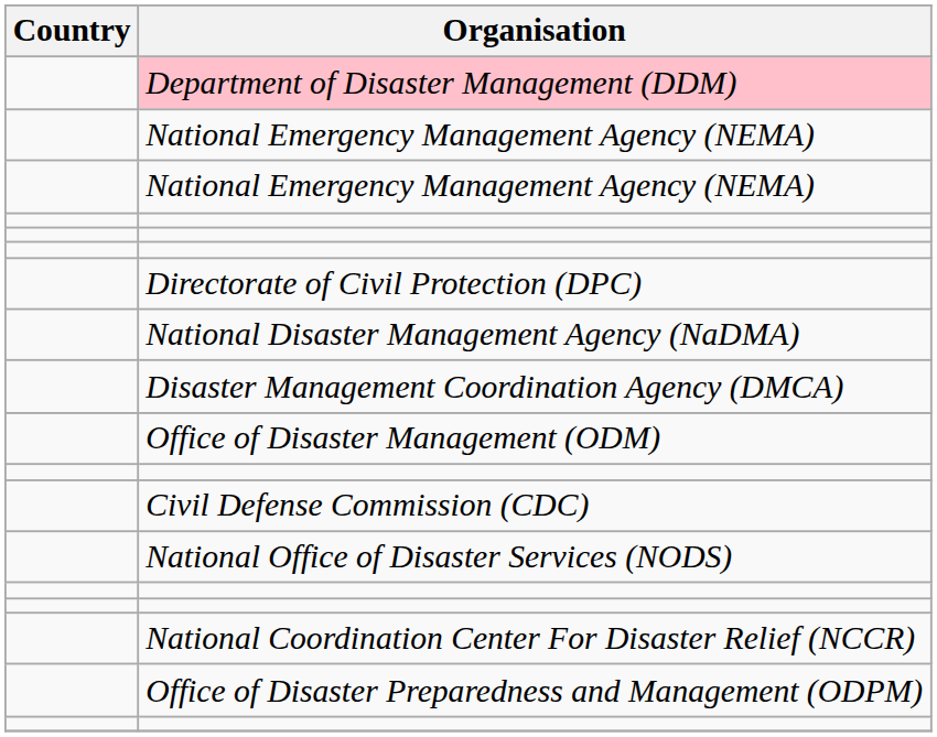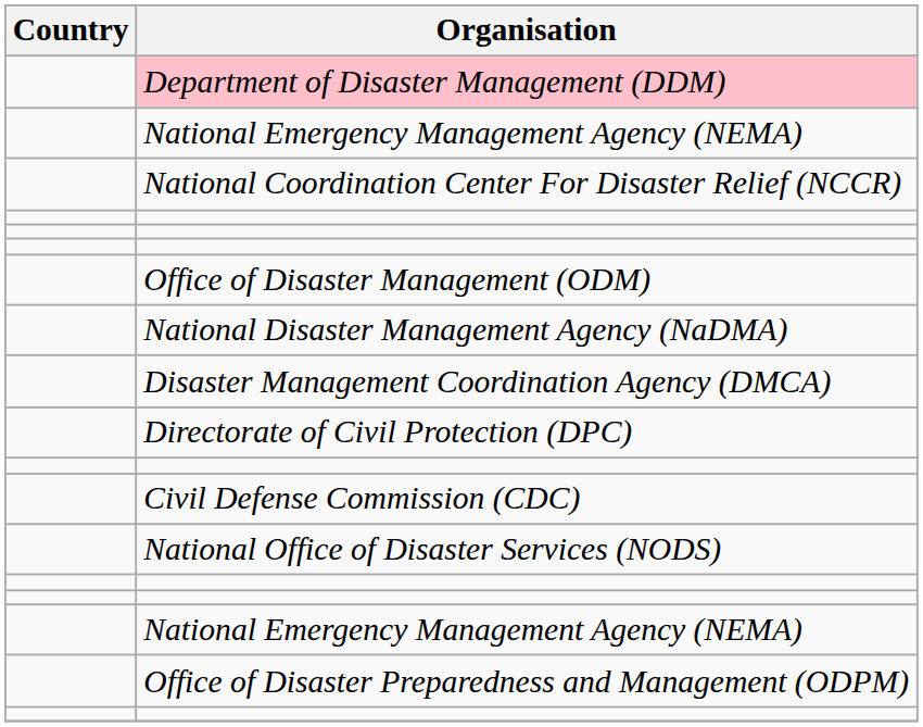 <table class="wikitable">
 <tr>
 <th>Country</th>
 <th>Organisation</th>
 </tr>
 <tr>
 <td></td>
 <td style="background: pink;"><em>Department of Disaster Management (DDM)</em></td>
 </tr>
 <tr>
 <td></td>
 <td><em>National Emergency Management Agency (NEMA)</em></td>
 </tr>
 <tr>
 <td></td>
-<td><em>National Emergency Management Agency (NEMA)</em></td>
+<td><em>National Coordination Center For Disaster Relief (NCCR)</em></td>
 </tr>
 <tr>
 <td></td>
 <td><em></em></td>
 </tr>
 <tr>
 <td></td>
 <td></td>
 </tr>
 <tr>
 <td></td>
 <td><em></em></td>
 </tr>
 <tr>
 <td></td>
-<td><em>Directorate of Civil Protection (DPC)</em></td>
+<td><em>Office of Disaster Management (ODM)</em></td>
 </tr>
 <tr>
 <td></td>
 <td><em>National Disaster Management Agency (NaDMA)</em></td>
 </tr>
 <tr>
 <td></td>
 <td><em>Disaster Management Coordination Agency (DMCA)</em></td>
 </tr>
 <tr>
 <td></td>
-<td><em>Office of Disaster Management (ODM)</em></td>
+<td><em>Directorate of Civil Protection (DPC)</em></td>
 </tr>
 <tr>
 <td></td>
 <td></td>
 </tr>
 <tr>
 <td></td>
 <td><em>Civil Defense Commission (CDC)</em></td>
 </tr>
 <tr>
 <td></td>
 <td><em>National Office of Disaster Services (NODS)</em></td>
 </tr>
 <tr>
 <td></td>
 <td><em></em></td>
 </tr>
 <tr>
 <td></td>
 <td><em></em></td>
 </tr>
 <tr>
 <td></td>
-<td><em>National Coordination Center For Disaster Relief (NCCR)</em></td>
+<td><em>National Emergency Management Agency (NEMA)</em></td>
 </tr>
 <tr>
 <td></td>
 <td><em>Office of Disaster Preparedness and Management (ODPM)</em></td>
 </tr>
 <tr>
 <td></td>
 <td><em></em></td>
 </tr>
 <tr>
 </tr>
 </table>
